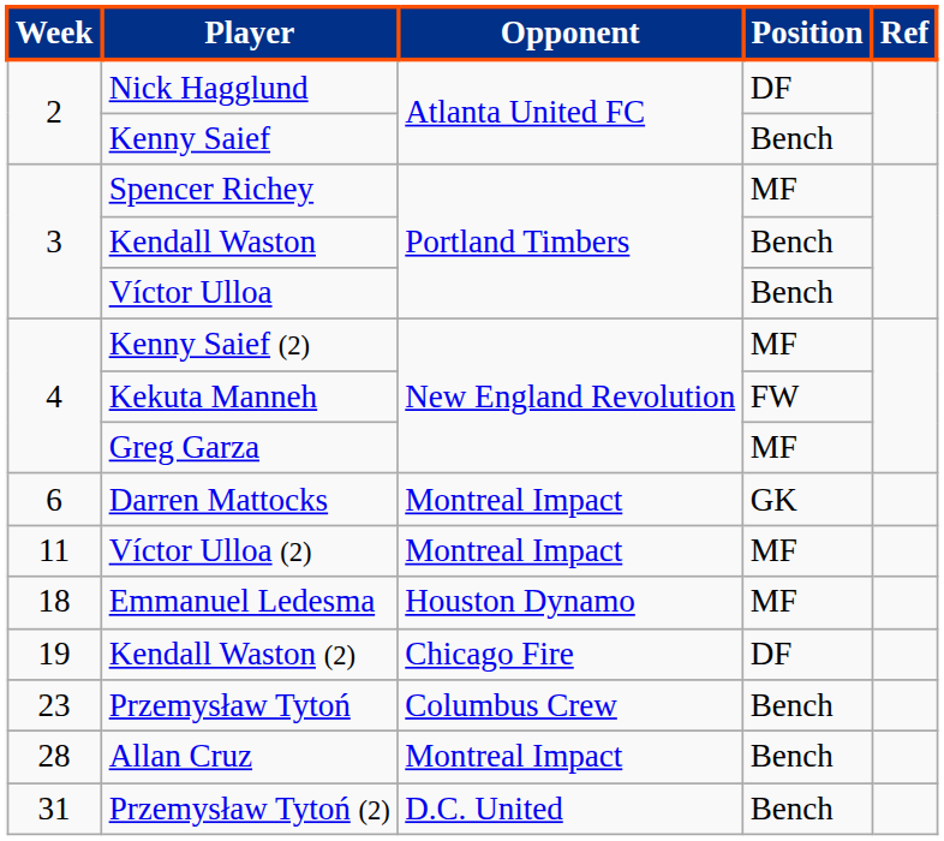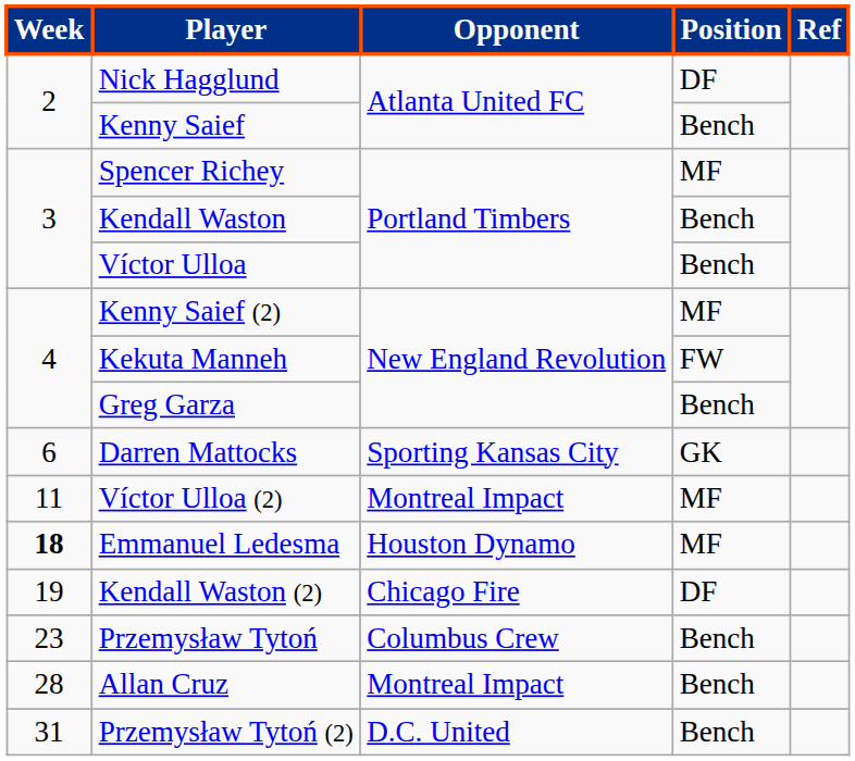 <table class=wikitable>
 <tr>
 <th style="background:#003087; color:#FFFFFF; border:2px solid #FE5000;" scope="col">Week</th>
 <th style="background:#003087; color:#FFFFFF; border:2px solid #FE5000;" scope="col">Player</th>
 <th style="background:#003087; color:#FFFFFF; border:2px solid #FE5000;" scope="col">Opponent</th>
 <th style="background:#003087; color:#FFFFFF; border:2px solid #FE5000;" scope="col">Position</th>
 <th style="background:#003087; color:#FFFFFF; border:2px solid #FE5000;" scope="col">Ref</th>
 </tr>
 <tr>
 <td align=center rowspan="2">2</td>
 <td> <a href='#'>Nick Hagglund</a></td>
 <td rowspan="2"><a href='#'>Atlanta United FC</a></td>
 <td>DF</td>
 <td rowspan="2"></td>
 </tr>
 <tr>
 <td> <a href='#'>Kenny Saief</a></td>
 <td>Bench</td>
 </tr>
 <tr>
 <td align=center rowspan="3">3</td>
 <td> <a href='#'>Spencer Richey</a></td>
 <td rowspan="3"><a href='#'>Portland Timbers</a></td>
 <td>MF</td>
 <td rowspan="3"></td>
 </tr>
 <tr>
 <td> <a href='#'>Kendall Waston</a></td>
 <td>Bench</td>
 </tr>
 <tr>
 <td> <a href='#'>Víctor Ulloa</a></td>
 <td>Bench</td>
 </tr>
 <tr>
 <td align=center rowspan="3">4</td>
 <td> <a href='#'>Kenny Saief</a> <small>(2)</small></td>
 <td rowspan="3"><a href='#'>New England Revolution</a></td>
 <td>MF</td>
 <td rowspan="3"></td>
 </tr>
 <tr>
 <td> <a href='#'>Kekuta Manneh</a></td>
 <td>FW</td>
 </tr>
 <tr>
 <td> <a href='#'>Greg Garza</a></td>
-<td>MF</td>
+<td>Bench</td>
 </tr>
 <tr>
 <td align="center">6</td>
 <td> <a href='#'>Darren Mattocks</a></td>
-<td><a href='#'>Montreal Impact</a></td>
+<td><a href='#'>Sporting Kansas City</a></td>
 <td>GK</td>
 <td></td>
 </tr>
 <tr>
 <td align="center">11</td>
 <td> <a href='#'>Víctor Ulloa</a> <small>(2)</small></td>
 <td><a href='#'>Montreal Impact</a></td>
 <td>MF</td>
 <td></td>
 </tr>
 <tr>
-<td align="center">18</td>
+<td align="center"><strong>18</strong></td>
 <td> <a href='#'>Emmanuel Ledesma</a></td>
 <td><a href='#'>Houston Dynamo</a></td>
 <td>MF</td>
 <td></td>
 </tr>
 <tr>
 <td align="center">19</td>
 <td> <a href='#'>Kendall Waston</a> <small>(2)</small></td>
 <td><a href='#'>Chicago Fire</a></td>
 <td>DF</td>
 <td></td>
 </tr>
 <tr>
 <td align="center">23</td>
 <td> <a href='#'>Przemysław Tytoń</a></td>
 <td><a href='#'>Columbus Crew</a></td>
 <td>Bench</td>
 <td></td>
 </tr>
 <tr>
 <td align="center">28</td>
 <td> <a href='#'>Allan Cruz</a></td>
 <td><a href='#'>Montreal Impact</a></td>
 <td>Bench</td>
 <td></td>
 </tr>
 <tr>
 <td align="center">31</td>
 <td> <a href='#'>Przemysław Tytoń</a> <small>(2)</small></td>
 <td><a href='#'>D.C. United</a></td>
 <td>Bench</td>
 <td></td>
 </tr>
 </table>
